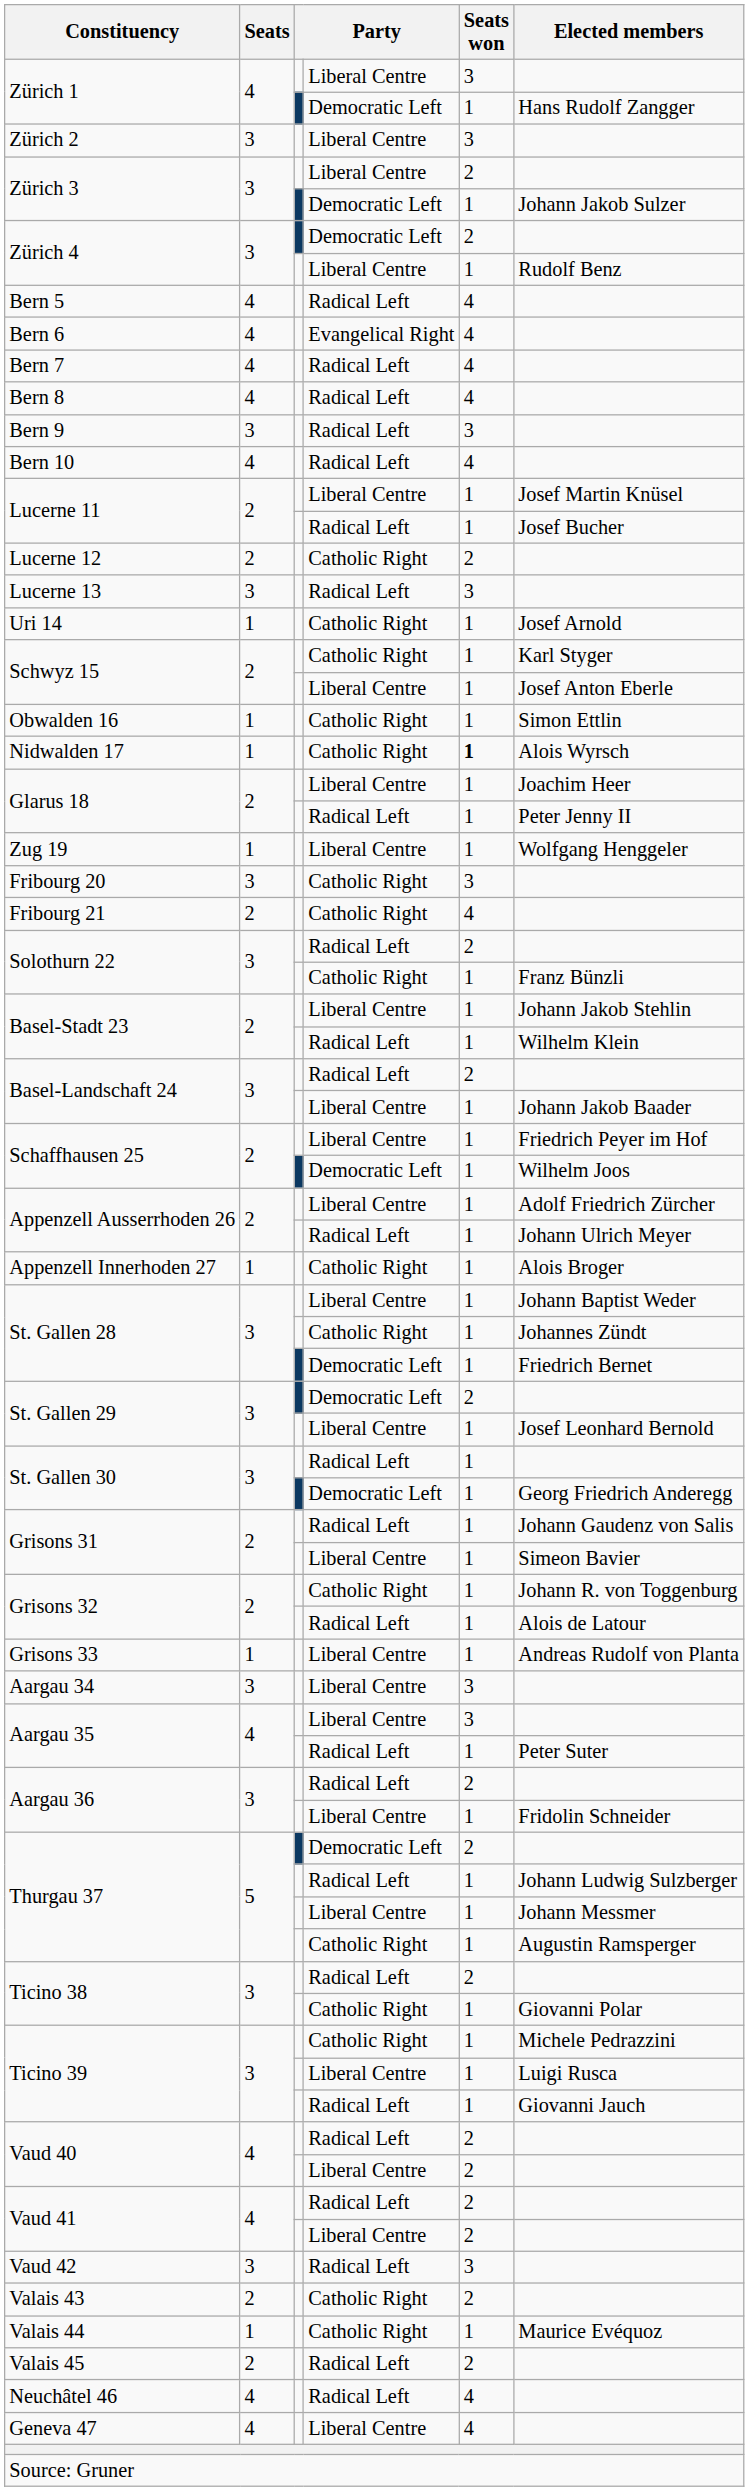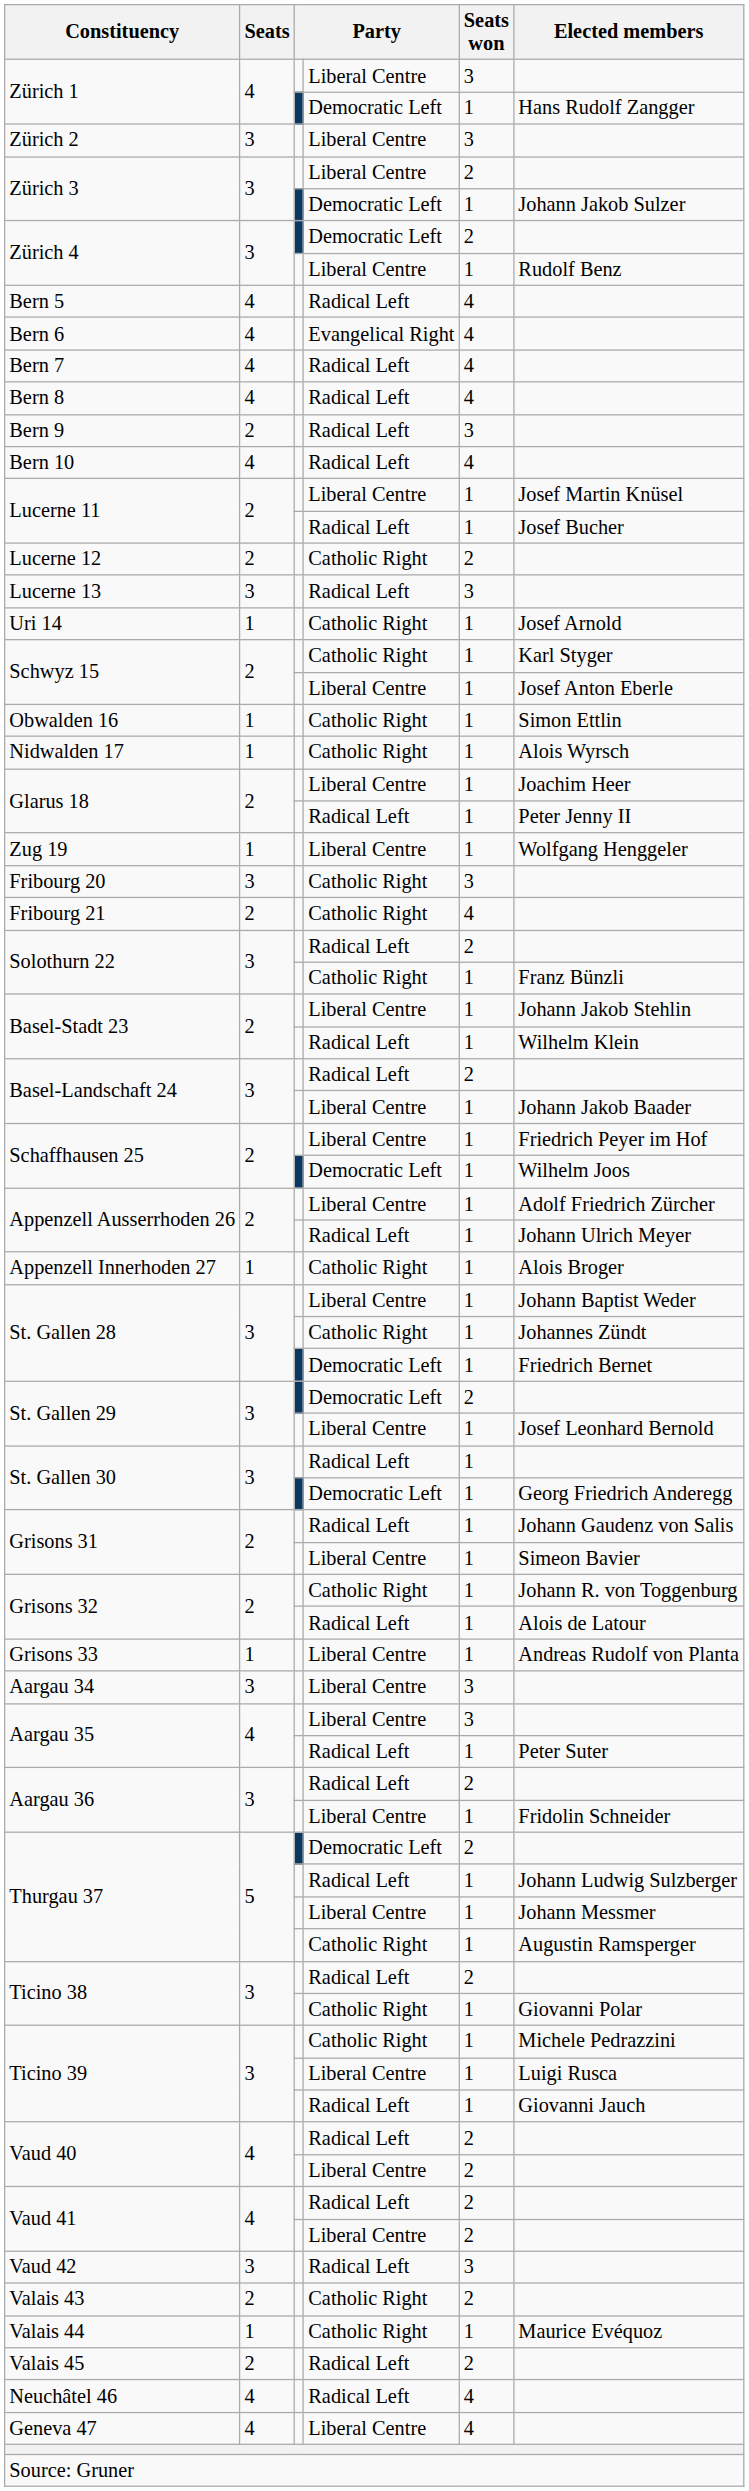 <table class="wikitable">
 <tr>
 <th>Constituency</th>
 <th>Seats</th>
 <th colspan="2">Party</th>
 <th>Seats<br>won</th>
 <th>Elected members</th>
 </tr>
 <tr>
 <td rowspan="2">Zürich 1</td>
 <td rowspan="2">4</td>
 <td style="color:inherit;background:"></td>
 <td>Liberal Centre</td>
 <td>3</td>
 <td></td>
 </tr>
 <tr>
 <td style="color:inherit;background:#0B3861"></td>
 <td>Democratic Left</td>
 <td>1</td>
 <td>Hans Rudolf Zangger</td>
 </tr>
 <tr>
 <td>Zürich 2</td>
 <td>3</td>
 <td style="color:inherit;background:"></td>
 <td>Liberal Centre</td>
 <td>3</td>
 <td></td>
 </tr>
 <tr>
 <td rowspan="2">Zürich 3</td>
 <td rowspan="2">3</td>
 <td style="color:inherit;background:"></td>
 <td>Liberal Centre</td>
 <td>2</td>
 <td></td>
 </tr>
 <tr>
 <td style="color:inherit;background:#0B3861"></td>
 <td>Democratic Left</td>
 <td>1</td>
 <td>Johann Jakob Sulzer</td>
 </tr>
 <tr>
 <td rowspan="2">Zürich 4</td>
 <td rowspan="2">3</td>
 <td style="color:inherit;background:#0B3861"></td>
 <td>Democratic Left</td>
 <td>2</td>
 <td></td>
 </tr>
 <tr>
 <td style="color:inherit;background:"></td>
 <td>Liberal Centre</td>
 <td>1</td>
 <td>Rudolf Benz</td>
 </tr>
 <tr>
 <td>Bern 5</td>
 <td>4</td>
 <td style="color:inherit;background:"></td>
 <td>Radical Left</td>
 <td>4</td>
 <td></td>
 </tr>
 <tr>
 <td>Bern 6</td>
 <td>4</td>
 <td style="color:inherit;background:"></td>
 <td>Evangelical Right</td>
 <td>4</td>
 <td></td>
 </tr>
 <tr>
 <td>Bern 7</td>
 <td>4</td>
 <td style="color:inherit;background:"></td>
 <td>Radical Left</td>
 <td>4</td>
 <td></td>
 </tr>
 <tr>
 <td>Bern 8</td>
 <td>4</td>
 <td style="color:inherit;background:"></td>
 <td>Radical Left</td>
 <td>4</td>
 <td></td>
 </tr>
 <tr>
 <td>Bern 9</td>
-<td>3</td>
+<td>2</td>
 <td style="color:inherit;background:"></td>
 <td>Radical Left</td>
 <td>3</td>
 <td></td>
 </tr>
 <tr>
 <td>Bern 10</td>
 <td>4</td>
 <td style="color:inherit;background:"></td>
 <td>Radical Left</td>
 <td>4</td>
 <td></td>
 </tr>
 <tr>
 <td rowspan="2">Lucerne 11</td>
 <td rowspan="2">2</td>
 <td style="color:inherit;background:"></td>
 <td>Liberal Centre</td>
 <td>1</td>
 <td>Josef Martin Knüsel</td>
 </tr>
 <tr>
 <td style="color:inherit;background:"></td>
 <td>Radical Left</td>
 <td>1</td>
 <td>Josef Bucher</td>
 </tr>
 <tr>
 <td>Lucerne 12</td>
 <td>2</td>
 <td style="color:inherit;background:"></td>
 <td>Catholic Right</td>
 <td>2</td>
 <td></td>
 </tr>
 <tr>
 <td>Lucerne 13</td>
 <td>3</td>
 <td style="color:inherit;background:"></td>
 <td>Radical Left</td>
 <td>3</td>
 <td></td>
 </tr>
 <tr>
 <td>Uri 14</td>
 <td>1</td>
 <td style="color:inherit;background:"></td>
 <td>Catholic Right</td>
 <td>1</td>
 <td>Josef Arnold</td>
 </tr>
 <tr>
 <td rowspan="2">Schwyz 15</td>
 <td rowspan="2">2</td>
 <td style="color:inherit;background:"></td>
 <td>Catholic Right</td>
 <td>1</td>
 <td>Karl Styger</td>
 </tr>
 <tr>
 <td style="color:inherit;background:"></td>
 <td>Liberal Centre</td>
 <td>1</td>
 <td>Josef Anton Eberle</td>
 </tr>
 <tr>
 <td>Obwalden 16</td>
 <td>1</td>
 <td style="color:inherit;background:"></td>
 <td>Catholic Right</td>
 <td>1</td>
 <td>Simon Ettlin</td>
 </tr>
 <tr>
 <td>Nidwalden 17</td>
 <td>1</td>
 <td style="color:inherit;background:"></td>
 <td>Catholic Right</td>
-<td><strong>1</strong></td>
+<td>1</td>
 <td>Alois Wyrsch</td>
 </tr>
 <tr>
 <td rowspan="2">Glarus 18</td>
 <td rowspan="2">2</td>
 <td style="color:inherit;background:"></td>
 <td>Liberal Centre</td>
 <td>1</td>
 <td>Joachim Heer</td>
 </tr>
 <tr>
 <td style="color:inherit;background:"></td>
 <td>Radical Left</td>
 <td>1</td>
 <td>Peter Jenny II</td>
 </tr>
 <tr>
 <td>Zug 19</td>
 <td>1</td>
 <td style="color:inherit;background:"></td>
 <td>Liberal Centre</td>
 <td>1</td>
 <td>Wolfgang Henggeler</td>
 </tr>
 <tr>
 <td>Fribourg 20</td>
 <td>3</td>
 <td style="color:inherit;background:"></td>
 <td>Catholic Right</td>
 <td>3</td>
 <td></td>
 </tr>
 <tr>
 <td>Fribourg 21</td>
 <td>2</td>
 <td style="color:inherit;background:"></td>
 <td>Catholic Right</td>
 <td>4</td>
 <td></td>
 </tr>
 <tr>
 <td rowspan="2">Solothurn 22</td>
 <td rowspan="2">3</td>
 <td style="color:inherit;background:"></td>
 <td>Radical Left</td>
 <td>2</td>
 <td></td>
 </tr>
 <tr>
 <td style="color:inherit;background:"></td>
 <td>Catholic Right</td>
 <td>1</td>
 <td>Franz Bünzli</td>
 </tr>
 <tr>
 <td rowspan="2">Basel-Stadt 23</td>
 <td rowspan="2">2</td>
 <td style="color:inherit;background:"></td>
 <td>Liberal Centre</td>
 <td>1</td>
 <td>Johann Jakob Stehlin</td>
 </tr>
 <tr>
 <td style="color:inherit;background:"></td>
 <td>Radical Left</td>
 <td>1</td>
 <td>Wilhelm Klein</td>
 </tr>
 <tr>
 <td rowspan="2">Basel-Landschaft 24</td>
 <td rowspan="2">3</td>
 <td style="color:inherit;background:"></td>
 <td>Radical Left</td>
 <td>2</td>
 <td></td>
 </tr>
 <tr>
 <td style="color:inherit;background:"></td>
 <td>Liberal Centre</td>
 <td>1</td>
 <td>Johann Jakob Baader</td>
 </tr>
 <tr>
 <td rowspan="2">Schaffhausen 25</td>
 <td rowspan="2">2</td>
 <td style="color:inherit;background:"></td>
 <td>Liberal Centre</td>
 <td>1</td>
 <td>Friedrich Peyer im Hof</td>
 </tr>
 <tr>
 <td style="color:inherit;background:#0B3861"></td>
 <td>Democratic Left</td>
 <td>1</td>
 <td>Wilhelm Joos</td>
 </tr>
 <tr>
 <td rowspan="2">Appenzell Ausserrhoden 26</td>
 <td rowspan="2">2</td>
 <td style="color:inherit;background:"></td>
 <td>Liberal Centre</td>
 <td>1</td>
 <td>Adolf Friedrich Zürcher</td>
 </tr>
 <tr>
 <td style="color:inherit;background:"></td>
 <td>Radical Left</td>
 <td>1</td>
 <td>Johann Ulrich Meyer</td>
 </tr>
 <tr>
 <td>Appenzell Innerhoden 27</td>
 <td>1</td>
 <td style="color:inherit;background:"></td>
 <td>Catholic Right</td>
 <td>1</td>
 <td>Alois Broger</td>
 </tr>
 <tr>
 <td rowspan="3">St. Gallen 28</td>
 <td rowspan="3">3</td>
 <td style="color:inherit;background:"></td>
 <td>Liberal Centre</td>
 <td>1</td>
 <td>Johann Baptist Weder</td>
 </tr>
 <tr>
 <td style="color:inherit;background:"></td>
 <td>Catholic Right</td>
 <td>1</td>
 <td>Johannes Zündt</td>
 </tr>
 <tr>
 <td style="color:inherit;background:#0B3861"></td>
 <td>Democratic Left</td>
 <td>1</td>
 <td>Friedrich Bernet</td>
 </tr>
 <tr>
 <td rowspan="2">St. Gallen 29</td>
 <td rowspan="2">3</td>
 <td style="color:inherit;background:#0B3861"></td>
 <td>Democratic Left</td>
 <td>2</td>
 <td></td>
 </tr>
 <tr>
 <td style="color:inherit;background:"></td>
 <td>Liberal Centre</td>
 <td>1</td>
 <td>Josef Leonhard Bernold</td>
 </tr>
 <tr>
 <td rowspan="2">St. Gallen 30</td>
 <td rowspan="2">3</td>
 <td style="color:inherit;background:"></td>
 <td>Radical Left</td>
 <td>1</td>
 <td></td>
 </tr>
 <tr>
 <td style="color:inherit;background:#0B3861"></td>
 <td>Democratic Left</td>
 <td>1</td>
 <td>Georg Friedrich Anderegg</td>
 </tr>
 <tr>
 <td rowspan="2">Grisons 31</td>
 <td rowspan="2">2</td>
 <td style="color:inherit;background:"></td>
 <td>Radical Left</td>
 <td>1</td>
 <td>Johann Gaudenz von Salis</td>
 </tr>
 <tr>
 <td style="color:inherit;background:"></td>
 <td>Liberal Centre</td>
 <td>1</td>
 <td>Simeon Bavier</td>
 </tr>
 <tr>
 <td rowspan="2">Grisons 32</td>
 <td rowspan="2">2</td>
 <td style="color:inherit;background:"></td>
 <td>Catholic Right</td>
 <td>1</td>
 <td>Johann R. von Toggenburg</td>
 </tr>
 <tr>
 <td style="color:inherit;background:"></td>
 <td>Radical Left</td>
 <td>1</td>
 <td>Alois de Latour</td>
 </tr>
 <tr>
 <td>Grisons 33</td>
 <td>1</td>
 <td style="color:inherit;background:"></td>
 <td>Liberal Centre</td>
 <td>1</td>
 <td>Andreas Rudolf von Planta</td>
 </tr>
 <tr>
 <td>Aargau 34</td>
 <td>3</td>
 <td style="color:inherit;background:"></td>
 <td>Liberal Centre</td>
 <td>3</td>
 <td></td>
 </tr>
 <tr>
 <td rowspan="2">Aargau 35</td>
 <td rowspan="2">4</td>
 <td style="color:inherit;background:"></td>
 <td>Liberal Centre</td>
 <td>3</td>
 <td></td>
 </tr>
 <tr>
 <td style="color:inherit;background:"></td>
 <td>Radical Left</td>
 <td>1</td>
 <td>Peter Suter</td>
 </tr>
 <tr>
 <td rowspan="2">Aargau 36</td>
 <td rowspan="2">3</td>
 <td style="color:inherit;background:"></td>
 <td>Radical Left</td>
 <td>2</td>
 <td></td>
 </tr>
 <tr>
 <td style="color:inherit;background:"></td>
 <td>Liberal Centre</td>
 <td>1</td>
 <td>Fridolin Schneider</td>
 </tr>
 <tr>
 <td rowspan="4">Thurgau 37</td>
 <td rowspan="4">5</td>
 <td style="color:inherit;background:#0B3861"></td>
 <td>Democratic Left</td>
 <td>2</td>
 <td></td>
 </tr>
 <tr>
 <td style="color:inherit;background:"></td>
 <td>Radical Left</td>
 <td>1</td>
 <td>Johann Ludwig Sulzberger</td>
 </tr>
 <tr>
 <td style="color:inherit;background:"></td>
 <td>Liberal Centre</td>
 <td>1</td>
 <td>Johann Messmer</td>
 </tr>
 <tr>
 <td style="color:inherit;background:"></td>
 <td>Catholic Right</td>
 <td>1</td>
 <td>Augustin Ramsperger</td>
 </tr>
 <tr>
 <td rowspan="2">Ticino 38</td>
 <td rowspan="2">3</td>
 <td style="color:inherit;background:"></td>
 <td>Radical Left</td>
 <td>2</td>
 <td></td>
 </tr>
 <tr>
 <td style="color:inherit;background:"></td>
 <td>Catholic Right</td>
 <td>1</td>
 <td>Giovanni Polar</td>
 </tr>
 <tr>
 <td rowspan="3">Ticino 39</td>
 <td rowspan="3">3</td>
 <td style="color:inherit;background:"></td>
 <td>Catholic Right</td>
 <td>1</td>
 <td>Michele Pedrazzini</td>
 </tr>
 <tr>
 <td style="color:inherit;background:"></td>
 <td>Liberal Centre</td>
 <td>1</td>
 <td>Luigi Rusca</td>
 </tr>
 <tr>
 <td style="color:inherit;background:"></td>
 <td>Radical Left</td>
 <td>1</td>
 <td>Giovanni Jauch</td>
 </tr>
 <tr>
 <td rowspan="2">Vaud 40</td>
 <td rowspan="2">4</td>
 <td style="color:inherit;background:"></td>
 <td>Radical Left</td>
 <td>2</td>
 <td></td>
 </tr>
 <tr>
 <td style="color:inherit;background:"></td>
 <td>Liberal Centre</td>
 <td>2</td>
 <td></td>
 </tr>
 <tr>
 <td rowspan="2">Vaud 41</td>
 <td rowspan="2">4</td>
 <td style="color:inherit;background:"></td>
 <td>Radical Left</td>
 <td>2</td>
 <td></td>
 </tr>
 <tr>
 <td style="color:inherit;background:"></td>
 <td>Liberal Centre</td>
 <td>2</td>
 <td></td>
 </tr>
 <tr>
 <td>Vaud 42</td>
 <td>3</td>
 <td style="color:inherit;background:"></td>
 <td>Radical Left</td>
 <td>3</td>
 <td></td>
 </tr>
 <tr>
 <td>Valais 43</td>
 <td>2</td>
 <td style="color:inherit;background:"></td>
 <td>Catholic Right</td>
 <td>2</td>
 <td></td>
 </tr>
 <tr>
 <td>Valais 44</td>
 <td>1</td>
 <td style="color:inherit;background:"></td>
 <td>Catholic Right</td>
 <td>1</td>
 <td>Maurice Evéquoz</td>
 </tr>
 <tr>
 <td>Valais 45</td>
 <td>2</td>
 <td style="color:inherit;background:"></td>
 <td>Radical Left</td>
 <td>2</td>
 <td></td>
 </tr>
 <tr>
 <td>Neuchâtel 46</td>
 <td>4</td>
 <td style="color:inherit;background:"></td>
 <td>Radical Left</td>
 <td>4</td>
 <td></td>
 </tr>
 <tr>
 <td>Geneva 47</td>
 <td>4</td>
 <td style="color:inherit;background:"></td>
 <td>Liberal Centre</td>
 <td>4</td>
 <td></td>
 </tr>
 <tr>
 <th colspan="6"></th>
 </tr>
 <tr>
 <td colspan="6">Source: Gruner</td>
 </tr>
 </table>
